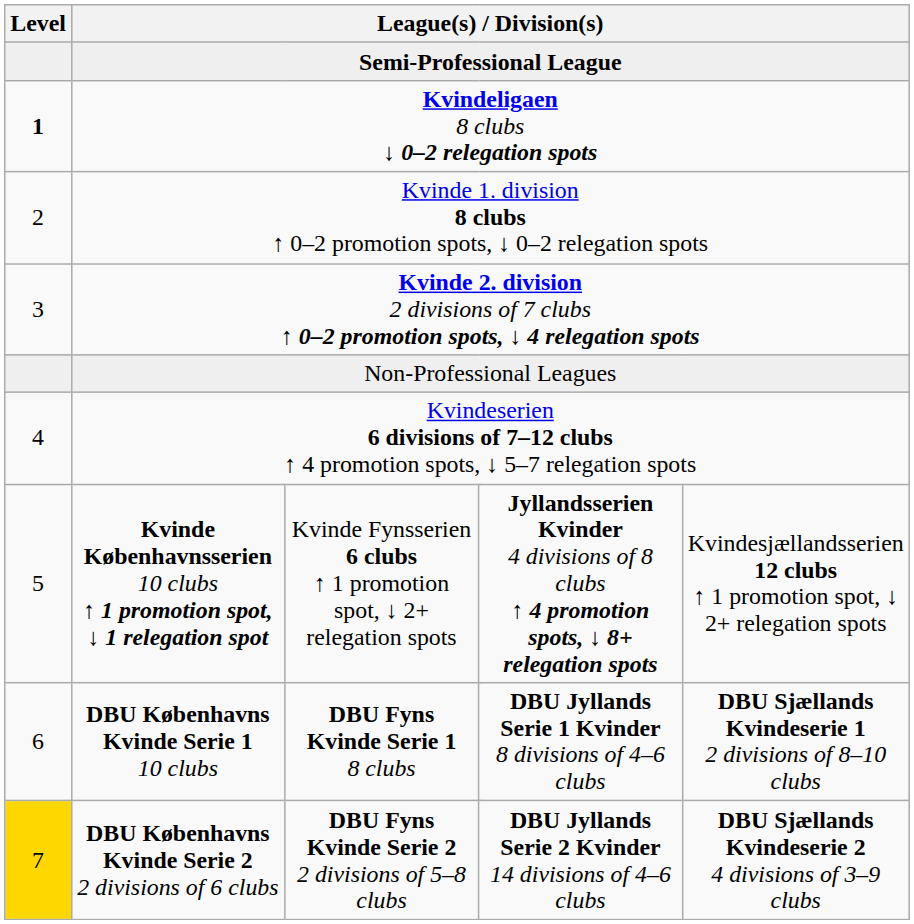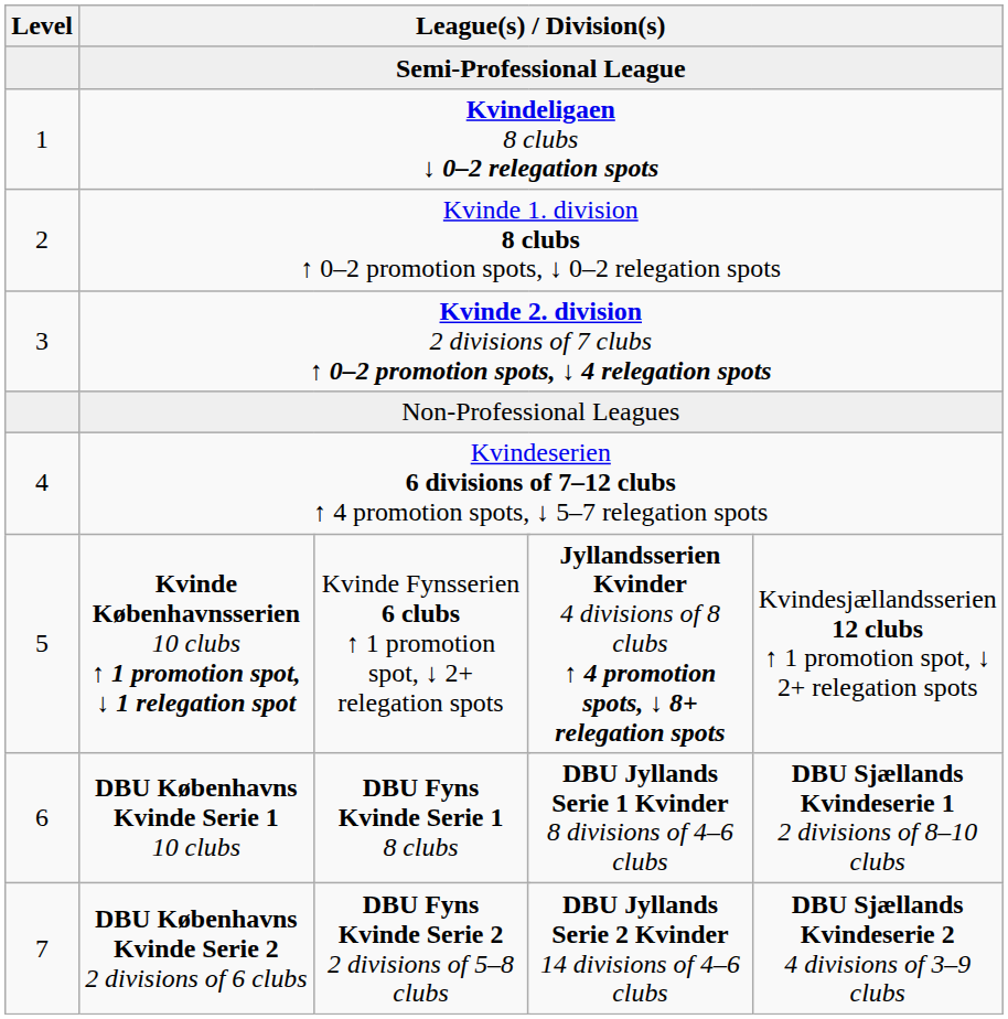 <table class="wikitable" style="text-align:center">
 <tr>
 <th width=4%>Level</th>
 <th colspan="24" width=96%>League(s) / Division(s)</th>
 </tr>
 <tr style="background:#efefef;">
 <td colspan="1"></td>
 <td colspan="24" style="text-align:center"><strong>Semi-Professional League</strong></td>
 </tr>
 <tr>
-<td><strong>1</strong></td>
+<td>1</td>
 <td colspan="24"><strong><a href='#'>Kvindeligaen</a></strong><br><em>8 clubs</em><br><strong><em>↓<strong> 0–2 relegation spots<em></td>
 </tr>
 <tr>
 <td>2</td>
 <td colspan="24"></strong><a href='#'>Kvinde 1. division</a><strong><br></em>8 clubs<em><br></em></strong>↑</strong> 0–2 promotion spots, <strong>↓</strong> 0–2 relegation spots</em></td>
 </tr>
 <tr>
 <td>3</td>
 <td colspan="24"><strong><a href='#'>Kvinde 2. division</a></strong><br><em>2 divisions of 7 clubs</em><br><strong><em>↑<strong> 0–2 promotion spots, </strong>↓<strong> 4 relegation spots<em></td>
 </tr>
 <tr style="background:#efefef;">
 <td colspan="1"></td>
 <td colspan="24" style="text-align:center"></strong>Non-Professional Leagues<strong></td>
 </tr>
 <tr>
 <td>4</td>
 <td colspan="24"></strong><a href='#'>Kvindeserien</a><strong><br></em>6 divisions of 7–12 clubs<em><br></em></strong>↑</strong> 4 promotion spots, <strong>↓</strong> 5–7 relegation spots</em></td>
 </tr>
 <tr>
 <td>5</td>
 <td colspan="6" width=24%><strong>Kvinde Københavnsserien</strong><br><em>10 clubs</em><br><strong><em>↑<strong> 1 promotion spot, </strong>↓<strong> 1 relegation spot<em></td>
 <td colspan="6" width=24%></strong>Kvinde Fynsserien<strong><br></em>6 clubs<em><br></em></strong>↑</strong> 1 promotion spot, <strong>↓</strong> 2+ relegation spots</em></td>
 <td colspan="6" width=24%><strong>Jyllandsserien Kvinder</strong><br><em>4 divisions of 8 clubs</em><br><strong><em>↑<strong> 4 promotion spots, </strong>↓<strong> 8+ relegation spots<em></td>
 <td colspan="6" width=24%></strong>Kvindesjællandsserien<strong><br></em>12 clubs<em><br></em></strong>↑</strong> 1 promotion spot, <strong>↓</strong> 2+ relegation spots</em></td>
 </tr>
 <tr>
 <td>6</td>
 <td colspan="6" width=24%><strong>DBU Københavns Kvinde Serie 1</strong><br><em>10 clubs</em></td>
 <td colspan="6" width=24%><strong>DBU Fyns Kvinde Serie 1</strong><br><em>8 clubs</em></td>
 <td colspan="6" width=24%><strong>DBU Jyllands Serie 1 Kvinder</strong><br><em>8 divisions of 4–6 clubs</em></td>
 <td colspan="6" width=24%><strong>DBU Sjællands Kvindeserie 1</strong><br><em>2 divisions of 8–10 clubs</em></td>
 </tr>
 <tr>
-<td style="background: gold;">7</td>
+<td>7</td>
 <td colspan="6" width=24%><strong>DBU Københavns Kvinde Serie 2</strong><br><em>2 divisions of 6 clubs</em></td>
 <td colspan="6" width=24%><strong>DBU Fyns Kvinde Serie 2</strong><br><em>2 divisions of 5–8 clubs</em></td>
 <td colspan="6" width=24%><strong>DBU Jyllands Serie 2 Kvinder</strong><br><em>14 divisions of 4–6 clubs</em></td>
 <td colspan="6" width=24%><strong>DBU Sjællands Kvindeserie 2</strong><br><em>4 divisions of 3–9 clubs</em></td>
 </tr>
 </table>
